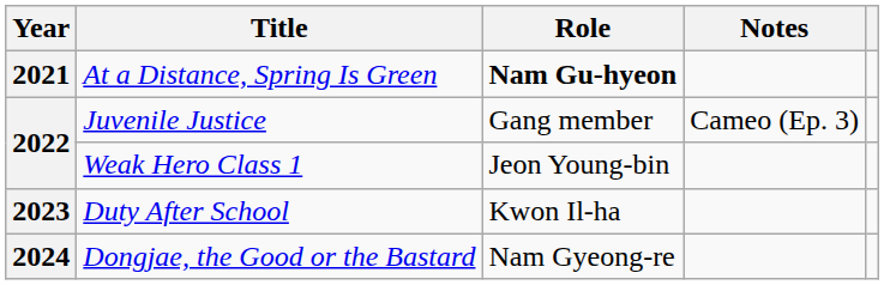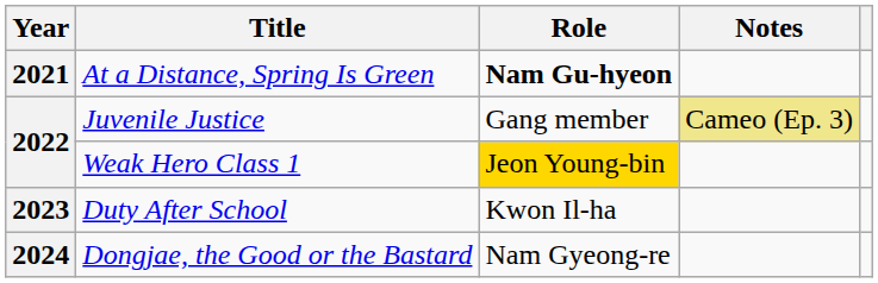 <table class="wikitable plainrowheaders sortable">
 <tr>
 <th scope="col">Year</th>
 <th scope="col">Title</th>
 <th scope="col">Role</th>
 <th scope="col">Notes</th>
 <th scope="col" class="unsortable"></th>
 </tr>
 <tr>
 <th scope="row">2021</th>
 <td><em><a href='#'>At a Distance, Spring Is Green</a></em></td>
 <td><strong>Nam Gu-hyeon</strong></td>
 <td></td>
 <td style="text-align:center"></td>
 </tr>
 <tr>
 <th scope="row" rowspan="2">2022</th>
 <td><em><a href='#'>Juvenile Justice</a></em></td>
 <td>Gang member</td>
-<td>Cameo (Ep. 3)</td>
+<td style="background: khaki;">Cameo (Ep. 3)</td>
 <td style="text-align:center"></td>
 </tr>
 <tr>
 <td><em><a href='#'>Weak Hero Class 1</a></em></td>
-<td>Jeon Young-bin</td>
+<td style="background: gold;">Jeon Young-bin</td>
 <td></td>
 <td style="text-align:center"></td>
 </tr>
 <tr>
 <th scope="row">2023</th>
 <td><em><a href='#'>Duty After School</a></em></td>
 <td>Kwon Il-ha</td>
 <td></td>
 <td style="text-align:center"></td>
 </tr>
 <tr>
 <th scope="row">2024</th>
 <td><em><a href='#'>Dongjae, the Good or the Bastard</a></em></td>
 <td>Nam Gyeong-re</td>
 <td></td>
 <td style="text-align:center"></td>
 </tr>
 </table>
